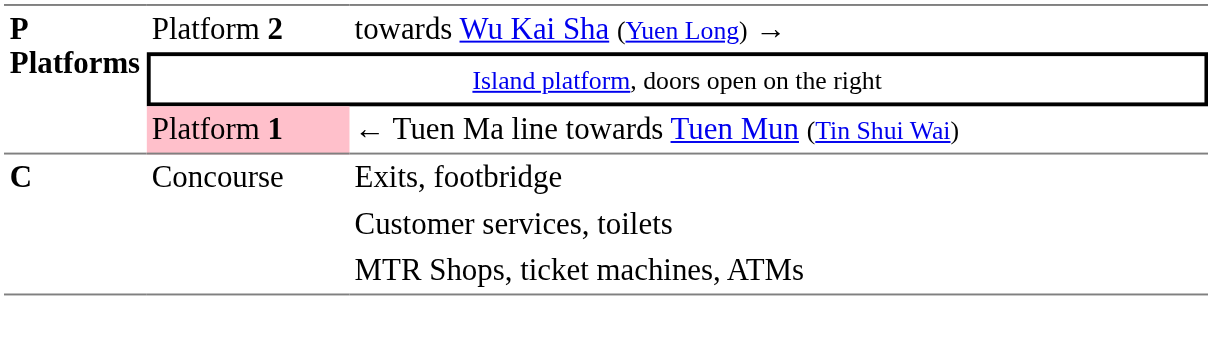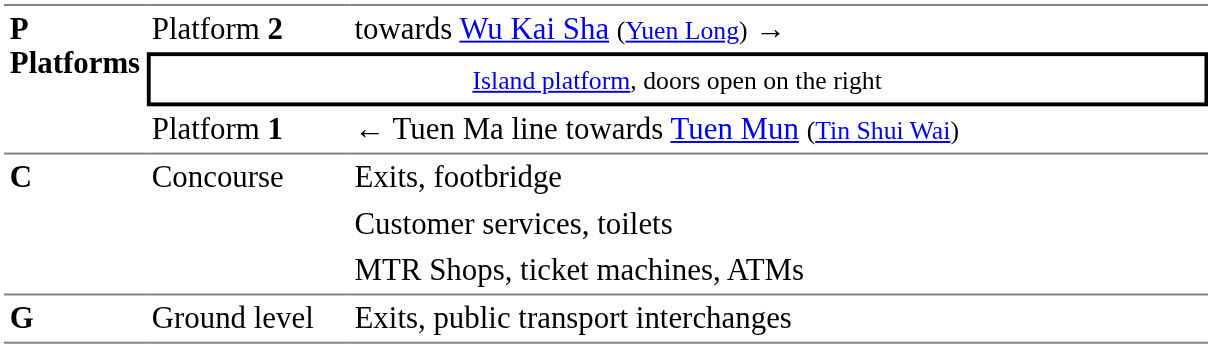 <table border=0 cellspacing=0 cellpadding=3>
 <tr>
 <td style="border-top:solid 1px gray; border-bottom:solid 1px gray;vertical-align:top;" rowspan=3><strong>P<br>Platforms</strong></td>
 <td style="border-top:solid 1px gray;width:100px;">Platform <span><strong>2</strong></span></td>
 <td style="border-top:solid 1px gray;width:450px;">  towards <a href='#'>Wu Kai Sha</a> <small>(<a href='#'>Yuen Long</a>)</small> →</td>
 </tr>
 <tr>
 <td style="border-top:solid 2px black;border-right:solid 2px black;border-left:solid 2px black;border-bottom:solid 2px black;text-align:center;" colspan=2><small><a href='#'>Island platform</a>, doors open on the right</small></td>
 </tr>
 <tr>
-<td style="background: pink; border-bottom:solid 1px gray;">Platform <span><strong>1</strong></span></td>
+<td style="border-bottom:solid 1px gray;">Platform <span><strong>1</strong></span></td>
 <td style="border-bottom:solid 1px gray;">←  Tuen Ma line towards <a href='#'>Tuen Mun</a> <small>(<a href='#'>Tin Shui Wai</a>)</small></td>
 </tr>
 <tr>
 <td style="border-bottom:solid 1px gray;vertical-align:top;" rowspan=3><strong>C</strong></td>
 <td style="border-bottom:solid 1px gray;vertical-align:top;" rowspan=3>Concourse</td>
 <td>Exits, footbridge</td>
 </tr>
 <tr>
 <td>Customer services, toilets</td>
 </tr>
 <tr>
 <td style="border-bottom:solid 1px gray;">MTR Shops, ticket machines, ATMs</td>
 </tr>
+<tr>
+<td style="border-bottom:solid 1px gray;vertical-align:top;"><strong>G</strong></td>
+<td style="border-bottom:solid 1px gray;vertical-align:top;">Ground level</td>
+<td style="border-bottom:solid 1px gray;vertical-align:top;">Exits, public transport interchanges</td>
+</tr>
 </table>
